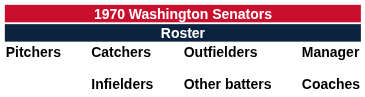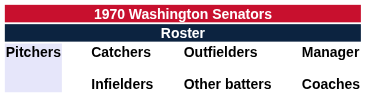 <table class="toccolours" style="font-size: 95%;">
 <tr>
 <th colspan="10" style="background-color: #C8102E; color: #FFFFFF; text-align: center;">1970 Washington Senators</th>
 </tr>
 <tr>
 <td colspan="10" style="background-color: #0C2340; color: #FFFFFF; text-align: center;"><strong>Roster</strong></td>
 </tr>
 <tr>
-<td valign="top"><strong>Pitchers</strong><br>                </td>
+<td valign="top" style="background: lavender;"><strong>Pitchers</strong><br>                </td>
 <td width="25px"></td>
 <td valign="top"><strong>Catchers</strong><br>   <br><strong>Infielders</strong>        </td>
 <td width="25px"></td>
 <td valign="top"><strong>Outfielders</strong><br>         <br><strong>Other batters</strong> </td>
 <td width="25px"></td>
 <td valign="top"><strong>Manager</strong><br><br><strong>Coaches</strong>      </td>
 </tr>
 <tr>
 </tr>
 </table>
